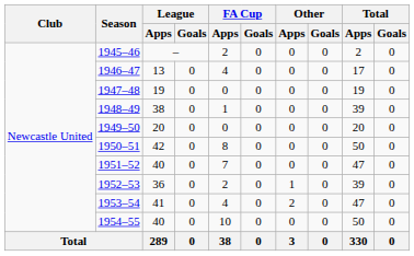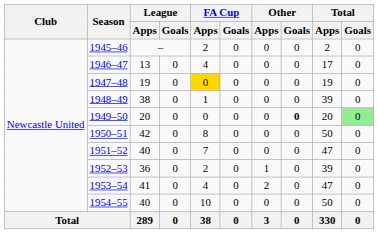 <table class="wikitable" style="text-align:center">
 <tr>
 <th rowspan="2">Club</th>
 <th rowspan="2">Season</th>
 <th colspan="2">League</th>
 <th colspan="2"><a href='#'>FA Cup</a></th>
 <th colspan="2">Other</th>
 <th colspan="2">Total</th>
 </tr>
 <tr>
 <th>Apps</th>
 <th>Goals</th>
 <th>Apps</th>
 <th>Goals</th>
 <th>Apps</th>
 <th>Goals</th>
 <th>Apps</th>
 <th>Goals</th>
 </tr>
 <tr>
 <td rowspan="10"><a href='#'>Newcastle United</a></td>
 <td><a href='#'>1945–46</a></td>
 <td colspan="2">–</td>
 <td>2</td>
 <td>0</td>
 <td>0</td>
 <td>0</td>
 <td>2</td>
 <td>0</td>
 </tr>
 <tr>
 <td><a href='#'>1946–47</a></td>
 <td>13</td>
 <td>0</td>
 <td>4</td>
 <td>0</td>
 <td>0</td>
 <td>0</td>
 <td>17</td>
 <td>0</td>
 </tr>
 <tr>
 <td><a href='#'>1947–48</a></td>
 <td>19</td>
 <td>0</td>
-<td>0</td>
+<td style="background: gold;">0</td>
 <td>0</td>
 <td>0</td>
 <td>0</td>
 <td>19</td>
 <td>0</td>
 </tr>
 <tr>
 <td><a href='#'>1948–49</a></td>
 <td>38</td>
 <td>0</td>
 <td>1</td>
 <td>0</td>
 <td>0</td>
 <td>0</td>
 <td>39</td>
 <td>0</td>
 </tr>
 <tr>
 <td><a href='#'>1949–50</a></td>
 <td>20</td>
 <td>0</td>
 <td>0</td>
 <td>0</td>
 <td>0</td>
-<td>0</td>
+<td><strong>0</strong></td>
 <td>20</td>
-<td>0</td>
+<td style="background: lightgreen;">0</td>
 </tr>
 <tr>
 <td><a href='#'>1950–51</a></td>
 <td>42</td>
 <td>0</td>
 <td>8</td>
 <td>0</td>
 <td>0</td>
 <td>0</td>
 <td>50</td>
 <td>0</td>
 </tr>
 <tr>
 <td><a href='#'>1951–52</a></td>
 <td>40</td>
 <td>0</td>
 <td>7</td>
 <td>0</td>
 <td>0</td>
 <td>0</td>
 <td>47</td>
 <td>0</td>
 </tr>
 <tr>
 <td><a href='#'>1952–53</a></td>
 <td>36</td>
 <td>0</td>
 <td>2</td>
 <td>0</td>
 <td>1</td>
 <td>0</td>
 <td>39</td>
 <td>0</td>
 </tr>
 <tr>
 <td><a href='#'>1953–54</a></td>
 <td>41</td>
 <td>0</td>
 <td>4</td>
 <td>0</td>
 <td>2</td>
 <td>0</td>
 <td>47</td>
 <td>0</td>
 </tr>
 <tr>
 <td><a href='#'>1954–55</a></td>
 <td>40</td>
 <td>0</td>
 <td>10</td>
 <td>0</td>
 <td>0</td>
 <td>0</td>
 <td>50</td>
 <td>0</td>
 </tr>
 <tr>
 <th colspan="2">Total</th>
 <th>289</th>
 <th>0</th>
 <th>38</th>
 <th>0</th>
 <th>3</th>
 <th>0</th>
 <th>330</th>
 <th>0</th>
 </tr>
 </table>
